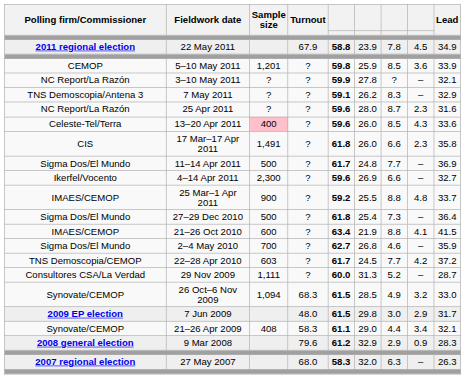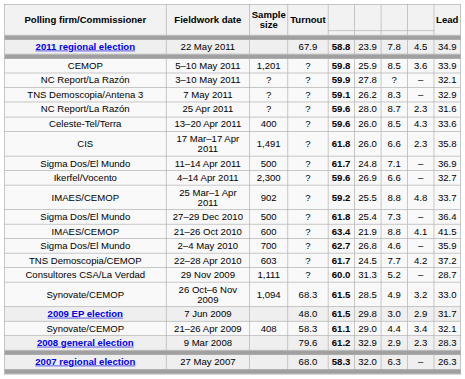 <table class="wikitable collapsible collapsed" style="text-align:center; font-size:95%; line-height:16px;">
 <tr style="height:42px;">
 <th style="width:250px;" rowspan="2">Polling firm/Commissioner</th>
 <th style="width:125px;" rowspan="2">Fieldwork date</th>
 <th style="width:50px;" rowspan="2">Sample size</th>
 <th style="width:45px;" rowspan="2">Turnout</th>
 <th style="width:35px;"></th>
 <th style="width:35px;"></th>
 <th style="width:35px;"></th>
 <th style="width:35px;"></th>
 <th style="width:30px;" rowspan="2">Lead</th>
 </tr>
 <tr>
 <th style="color:inherit;background:"></th>
 <th style="color:inherit;background:"></th>
 <th style="color:inherit;background:"></th>
 <th style="color:inherit;background:"></th>
 </tr>
 <tr>
 <td colspan="9" style="background:#A0A0A0"></td>
 </tr>
 <tr style="background:#EFEFEF;">
 <td><strong><a href='#'>2011 regional election</a></strong></td>
 <td>22 May 2011</td>
 <td></td>
 <td>67.9</td>
 <td><strong>58.8</strong><br></td>
 <td>23.9<br></td>
 <td>7.8<br></td>
 <td>4.5<br></td>
 <td style="background:">34.9</td>
 </tr>
 <tr>
 <td colspan="9" style="background:#A0A0A0"></td>
 </tr>
 <tr>
 <td>CEMOP</td>
 <td>5–10 May 2011</td>
 <td>1,201</td>
 <td>?</td>
 <td><strong>59.8</strong><br></td>
 <td>25.9<br></td>
 <td>8.5<br></td>
 <td>3.6<br></td>
 <td style="background:">33.9</td>
 </tr>
 <tr>
 <td>NC Report/La Razón</td>
 <td>3–10 May 2011</td>
 <td>?</td>
 <td>?</td>
 <td><strong>59.9</strong><br></td>
 <td>27.8<br></td>
 <td>?<br></td>
 <td>–</td>
 <td style="background:">32.1</td>
 </tr>
 <tr>
 <td>TNS Demoscopia/Antena 3</td>
 <td>7 May 2011</td>
 <td>?</td>
 <td>?</td>
 <td><strong>59.1</strong><br></td>
 <td>26.2<br></td>
 <td>8.3<br></td>
 <td>–</td>
 <td style="background:">32.9</td>
 </tr>
 <tr>
 <td>NC Report/La Razón</td>
 <td>25 Apr 2011</td>
 <td>?</td>
 <td>?</td>
 <td><strong>59.6</strong><br></td>
 <td>28.0<br></td>
 <td>8.7<br></td>
 <td>2.3<br></td>
 <td style="background:">31.6</td>
 </tr>
 <tr>
 <td>Celeste-Tel/Terra</td>
 <td>13–20 Apr 2011</td>
-<td style="background: pink;">400</td>
+<td>400</td>
 <td>?</td>
 <td><strong>59.6</strong><br></td>
 <td>26.0<br></td>
 <td>8.5<br></td>
 <td>4.3<br></td>
 <td style="background:">33.6</td>
 </tr>
 <tr>
 <td>CIS</td>
 <td>17 Mar–17 Apr 2011</td>
 <td>1,491</td>
 <td>?</td>
 <td><strong>61.8</strong><br></td>
 <td>26.0<br></td>
 <td>6.6<br></td>
 <td>2.3<br></td>
 <td style="background:">35.8</td>
 </tr>
 <tr>
 <td>Sigma Dos/El Mundo</td>
 <td>11–14 Apr 2011</td>
 <td>500</td>
 <td>?</td>
 <td><strong>61.7</strong><br></td>
 <td>24.8<br></td>
-<td>7.7<br></td>
+<td>7.1<br></td>
 <td>–</td>
 <td style="background:">36.9</td>
 </tr>
 <tr>
 <td>Ikerfel/Vocento</td>
 <td>4–14 Apr 2011</td>
 <td>2,300</td>
 <td>?</td>
 <td><strong>59.6</strong><br></td>
 <td>26.9<br></td>
 <td>6.6<br></td>
 <td>–</td>
 <td style="background:">32.7</td>
 </tr>
 <tr>
 <td>IMAES/CEMOP</td>
 <td>25 Mar–1 Apr 2011</td>
-<td>900</td>
+<td>902</td>
 <td>?</td>
 <td><strong>59.2</strong></td>
 <td>25.5</td>
 <td>8.8</td>
 <td>4.8</td>
 <td style="background:">33.7</td>
 </tr>
 <tr>
 <td>Sigma Dos/El Mundo</td>
 <td>27–29 Dec 2010</td>
 <td>500</td>
 <td>?</td>
 <td><strong>61.8</strong><br></td>
 <td>25.4<br></td>
 <td>7.3<br></td>
 <td>–</td>
 <td style="background:">36.4</td>
 </tr>
 <tr>
 <td>IMAES/CEMOP</td>
 <td>21–26 Oct 2010</td>
 <td>600</td>
 <td>?</td>
 <td><strong>63.4</strong></td>
 <td>21.9</td>
 <td>8.8</td>
 <td>4.1</td>
 <td style="background:">41.5</td>
 </tr>
 <tr>
 <td>Sigma Dos/El Mundo</td>
 <td>2–4 May 2010</td>
 <td>700</td>
 <td>?</td>
 <td><strong>62.7</strong><br></td>
 <td>26.8<br></td>
 <td>4.6<br></td>
 <td>–</td>
 <td style="background:">35.9</td>
 </tr>
 <tr>
 <td>TNS Demoscopia/CEMOP</td>
 <td>22–28 Apr 2010</td>
 <td>603</td>
 <td>?</td>
 <td><strong>61.7</strong></td>
 <td>24.5</td>
 <td>7.7</td>
 <td>4.2</td>
 <td style="background:">37.2</td>
 </tr>
 <tr>
 <td>Consultores CSA/La Verdad</td>
 <td>29 Nov 2009</td>
 <td>1,111</td>
 <td>?</td>
 <td><strong>60.0</strong></td>
 <td>31.3</td>
 <td>5.2</td>
 <td>–</td>
 <td style="background:">28.7</td>
 </tr>
 <tr>
 <td>Synovate/CEMOP</td>
 <td>26 Oct–6 Nov 2009</td>
 <td>1,094</td>
 <td>68.3</td>
 <td><strong>61.5</strong></td>
 <td>28.5</td>
 <td>4.9</td>
 <td>3.2</td>
 <td style="background:">33.0</td>
 </tr>
 <tr style="background:#EFEFEF;">
 <td><strong><a href='#'>2009 EP election</a></strong></td>
 <td>7 Jun 2009</td>
 <td></td>
 <td>48.0</td>
 <td><strong>61.5</strong></td>
 <td>29.8</td>
 <td>3.0</td>
 <td>2.9</td>
 <td style="background:">31.7</td>
 </tr>
 <tr>
 <td>Synovate/CEMOP</td>
 <td>21–26 Apr 2009</td>
 <td>408</td>
 <td>58.3</td>
 <td><strong>61.1</strong></td>
 <td>29.0</td>
 <td>4.4</td>
 <td>3.4</td>
 <td style="background:">32.1</td>
 </tr>
 <tr style="background:#EFEFEF;">
 <td><strong><a href='#'>2008 general election</a></strong></td>
 <td>9 Mar 2008</td>
 <td></td>
 <td>79.6</td>
 <td><strong>61.2</strong></td>
 <td>32.9</td>
 <td>2.9</td>
-<td>0.9</td>
+<td>2.3<br></td>
 <td style="background:">28.3</td>
 </tr>
 <tr>
 <td colspan="9" style="background:#A0A0A0"></td>
 </tr>
 <tr style="background:#EFEFEF;">
 <td><strong><a href='#'>2007 regional election</a></strong></td>
 <td>27 May 2007</td>
 <td></td>
 <td>68.0</td>
 <td><strong>58.3</strong><br></td>
 <td>32.0<br></td>
 <td>6.3<br></td>
 <td>–</td>
 <td style="background:">26.3</td>
 </tr>
 <tr>
 <td colspan="9" style="background:#A0A0A0"></td>
 </tr>
 </table>
